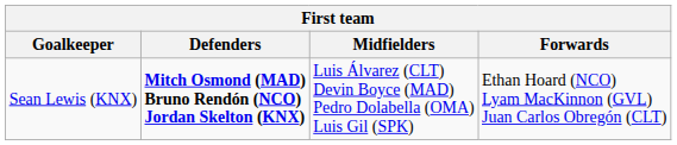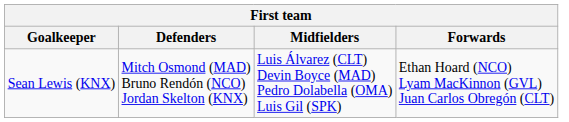 <table class="wikitable">
 <tr>
 <th colspan="4">First team</th>
 </tr>
 <tr>
 <th>Goalkeeper</th>
 <th>Defenders</th>
 <th>Midfielders</th>
 <th>Forwards</th>
 </tr>
 <tr>
 <td> <a href='#'>Sean Lewis</a> (<a href='#'>KNX</a>)</td>
-<td><strong> <a href='#'>Mitch Osmond</a> (<a href='#'>MAD</a>)<br> Bruno Rendón (<a href='#'>NCO</a>)<br> <a href='#'>Jordan Skelton</a> (<a href='#'>KNX</a>)</strong></td>
+<td> <a href='#'>Mitch Osmond</a> (<a href='#'>MAD</a>)<br> Bruno Rendón (<a href='#'>NCO</a>)<br> <a href='#'>Jordan Skelton</a> (<a href='#'>KNX</a>)</td>
 <td> <a href='#'>Luis Álvarez</a> (<a href='#'>CLT</a>)<br> <a href='#'>Devin Boyce</a> (<a href='#'>MAD</a>)<br> <a href='#'>Pedro Dolabella</a> (<a href='#'>OMA</a>)<br> <a href='#'>Luis Gil</a> (<a href='#'>SPK</a>)</td>
 <td> Ethan Hoard (<a href='#'>NCO</a>)<br> <a href='#'>Lyam MacKinnon</a> (<a href='#'>GVL</a>)<br> <a href='#'>Juan Carlos Obregón</a> (<a href='#'>CLT</a>)</td>
 </tr>
 </table>
